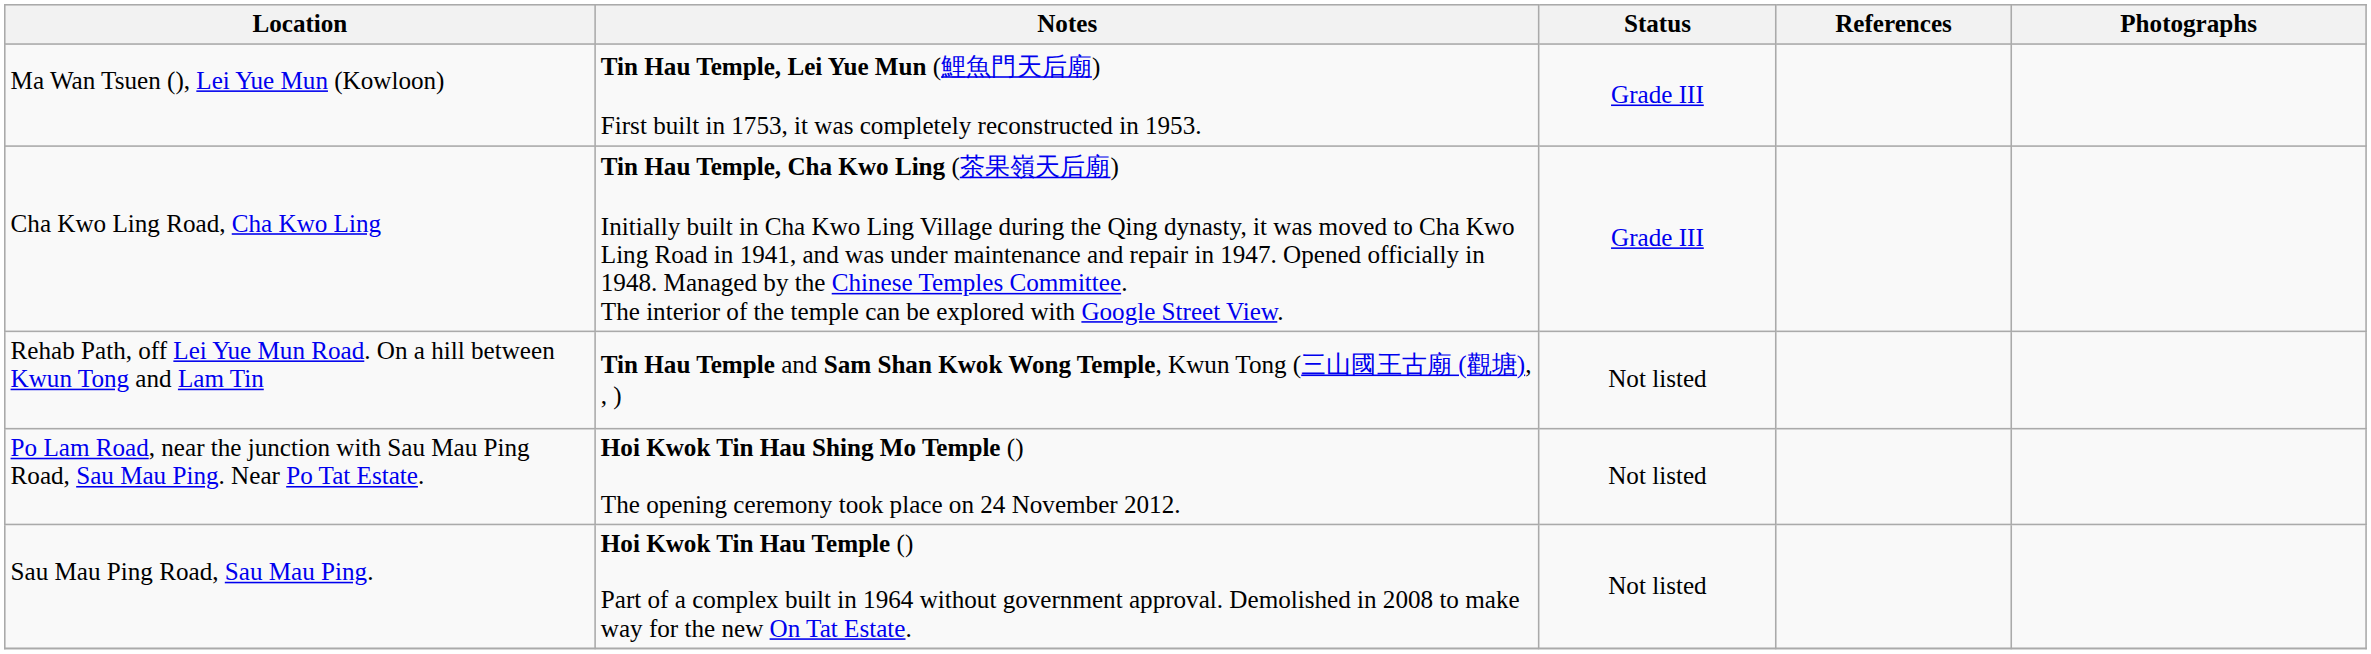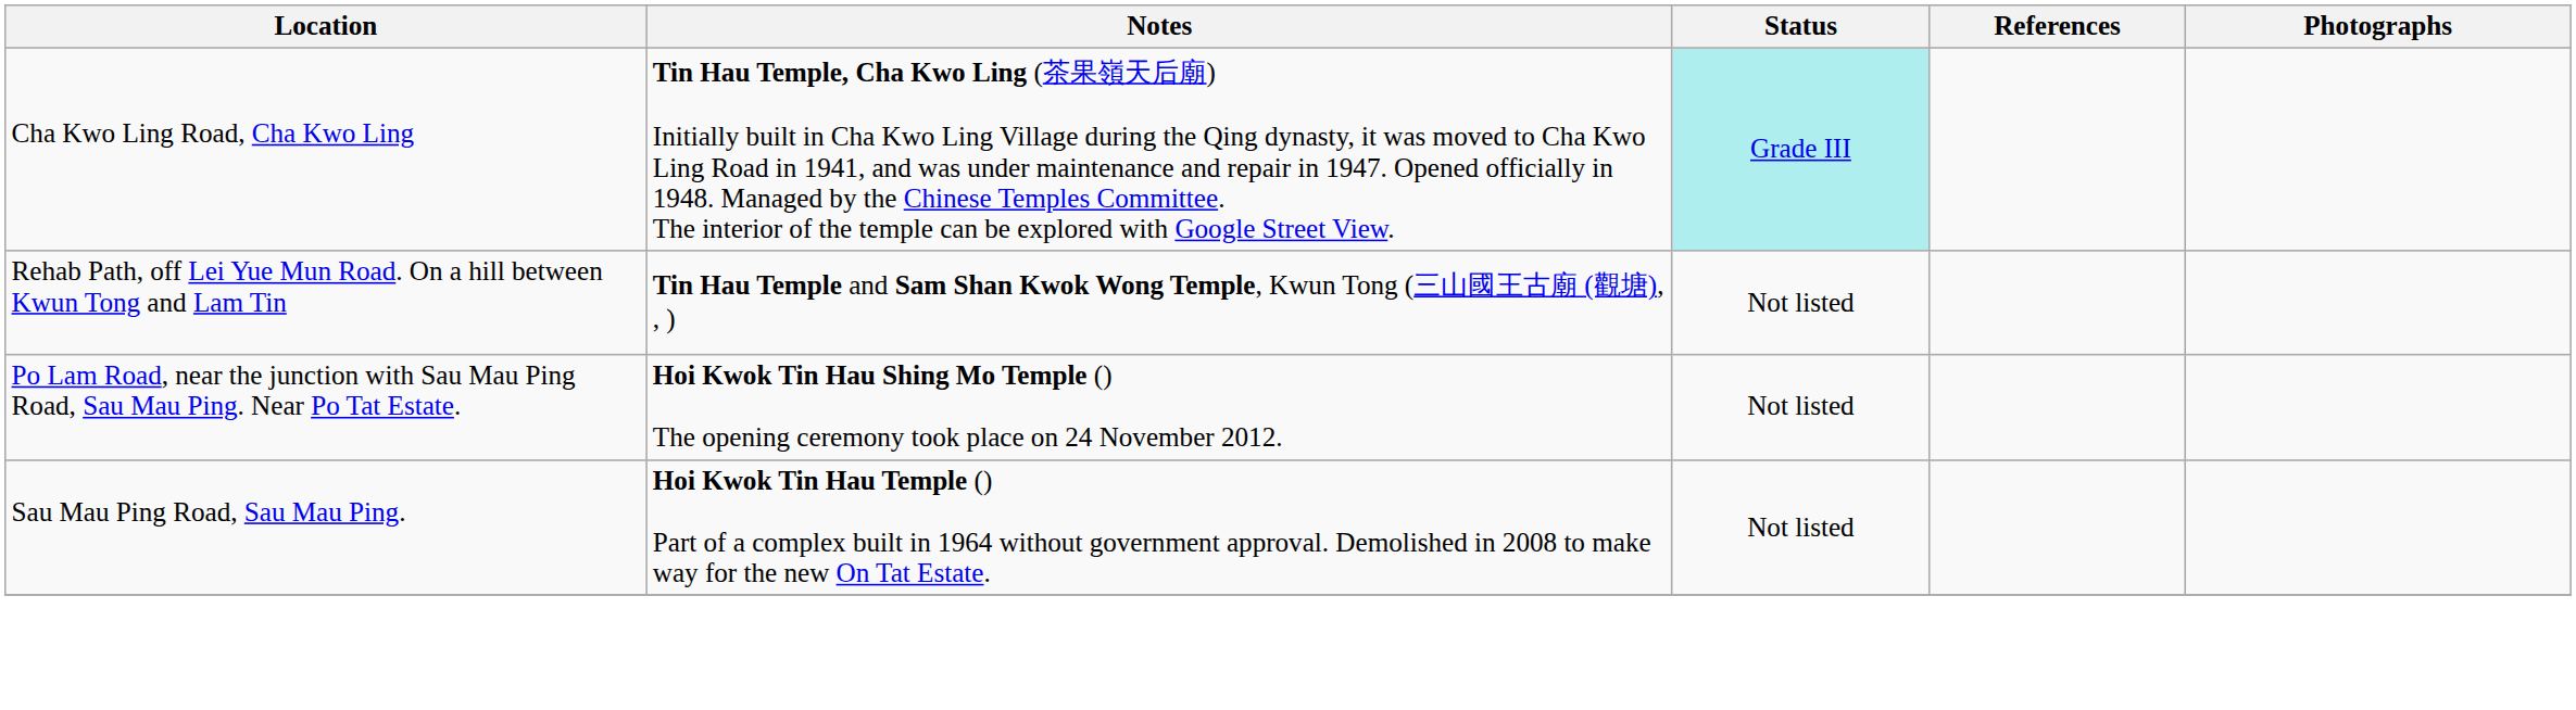 <table class="wikitable sortable" style="width:95%">
 <tr>
 <th width="25%">Location</th>
 <th width="40%">Notes</th>
 <th width="10%">Status</th>
 <th width="10%">References</th>
 <th width="15%">Photographs</th>
 </tr>
 <tr>
-<td>Ma Wan Tsuen (), <a href='#'>Lei Yue Mun</a> (Kowloon)<br><br></td>
-<td><strong>Tin Hau Temple, Lei Yue Mun</strong> (<a href='#'>鯉魚門天后廟</a>)<br><br>First built in 1753, it was completely reconstructed in 1953.</td>
-<td style="text-align:center"><a href='#'>Grade III</a></td>
-<td>    </td>
-<td></td>
-</tr>
-<tr>
 <td>Cha Kwo Ling Road, <a href='#'>Cha Kwo Ling</a><br><br></td>
 <td><strong>Tin Hau Temple, Cha Kwo Ling</strong> (<a href='#'>茶果嶺天后廟</a>)<br><br>Initially built in Cha Kwo Ling Village during the Qing dynasty, it was moved to Cha Kwo Ling Road in 1941, and was under maintenance and repair in 1947. Opened officially in 1948. Managed by the <a href='#'>Chinese Temples Committee</a>.<br> The interior of the temple can be explored with <a href='#'>Google Street View</a>.</td>
-<td style="text-align:center"><a href='#'>Grade III</a></td>
+<td style="background: paleturquoise; text-align:center"><a href='#'>Grade III</a></td>
 <td>   </td>
 <td></td>
 </tr>
 <tr>
 <td>Rehab Path, off <a href='#'>Lei Yue Mun Road</a>. On a hill between <a href='#'>Kwun Tong</a> and <a href='#'>Lam Tin</a><br><br></td>
 <td><strong>Tin Hau Temple</strong> and <strong>Sam Shan Kwok Wong Temple</strong>, Kwun Tong (<a href='#'>三山國王古廟 (觀塘)</a>, , )</td>
 <td style="text-align:center">Not listed</td>
 <td>    </td>
 <td></td>
 </tr>
 <tr>
 <td><a href='#'>Po Lam Road</a>, near the junction with Sau Mau Ping Road, <a href='#'>Sau Mau Ping</a>. Near <a href='#'>Po Tat Estate</a>.<br><br></td>
 <td><strong>Hoi Kwok Tin Hau Shing Mo Temple</strong> ()<br><br>The opening ceremony took place on 24 November 2012.</td>
 <td style="text-align:center">Not listed</td>
 <td></td>
 <td></td>
 </tr>
 <tr>
 <td>Sau Mau Ping Road, <a href='#'>Sau Mau Ping</a>.<br><br></td>
 <td><strong>Hoi Kwok Tin Hau Temple</strong> ()<br><br>Part of a complex built in 1964 without government approval. Demolished in 2008 to make way for the new <a href='#'>On Tat Estate</a>.</td>
 <td style="text-align:center">Not listed</td>
 <td>      </td>
 <td></td>
 </tr>
 <tr>
 </tr>
 </table>
